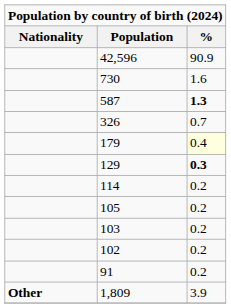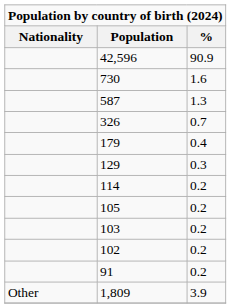 <table class="wikitable" style="float:right;">
 <tr>
 <td colspan="3"><strong>Population by country of birth (2024)</strong></td>
 </tr>
 <tr \>
 <th>Nationality</th>
 <th>Population</th>
 <th>%</th>
 </tr>
 <tr>
 <td></td>
 <td>42,596</td>
 <td>90.9</td>
 </tr>
 <tr>
 <td></td>
 <td>730</td>
 <td>1.6</td>
 </tr>
 <tr>
 <td></td>
 <td>587</td>
-<td><strong>1.3</strong></td>
+<td>1.3</td>
 </tr>
 <tr>
 <td></td>
 <td>326</td>
 <td>0.7</td>
 </tr>
 <tr>
 <td></td>
 <td>179</td>
-<td style="background: lightyellow;">0.4</td>
+<td>0.4</td>
 </tr>
 <tr>
 <td></td>
 <td>129</td>
-<td><strong>0.3</strong></td>
+<td>0.3</td>
 </tr>
 <tr>
 <td></td>
 <td>114</td>
 <td>0.2</td>
 </tr>
 <tr>
 <td></td>
 <td>105</td>
 <td>0.2</td>
 </tr>
 <tr>
 <td></td>
 <td>103</td>
 <td>0.2</td>
 </tr>
 <tr>
 <td></td>
 <td>102</td>
 <td>0.2</td>
 </tr>
 <tr>
 <td></td>
 <td>91</td>
 <td>0.2</td>
 </tr>
 <tr>
-<td><strong>Other</strong></td>
+<td>Other</td>
 <td>1,809</td>
 <td>3.9</td>
 </tr>
 <tr>
 </tr>
 </table>
